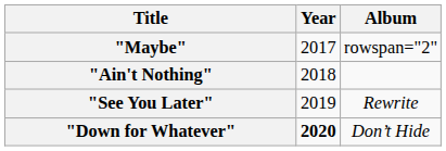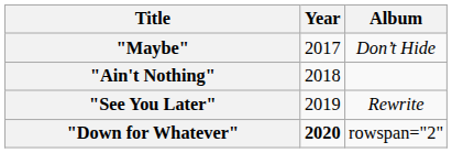 <table class="wikitable plainrowheaders" style="text-align:center;">
 <tr>
 <th scope="col" rowspan="1" style="width:16em;">Title</th>
 <th scope="col" rowspan="1">Year</th>
 <th scope="col" rowspan="1">Album</th>
 </tr>
 <tr>
 <th scope="row">"Maybe"<br></th>
 <td>2017</td>
-<td>rowspan="2" </td>
+<td><em>Don’t Hide</em></td>
 </tr>
 <tr>
 <th scope="row">"Ain't Nothing"<br></th>
 <td>2018</td>
 </tr>
 <tr>
 <th scope="row">"See You Later"<br></th>
 <td>2019</td>
 <td><em>Rewrite</em></td>
 </tr>
 <tr>
 <th scope="row">"Down for Whatever"<br></th>
 <td><strong>2020</strong></td>
-<td><em>Don’t Hide</em></td>
+<td>rowspan="2" </td>
 </tr>
 </table>
